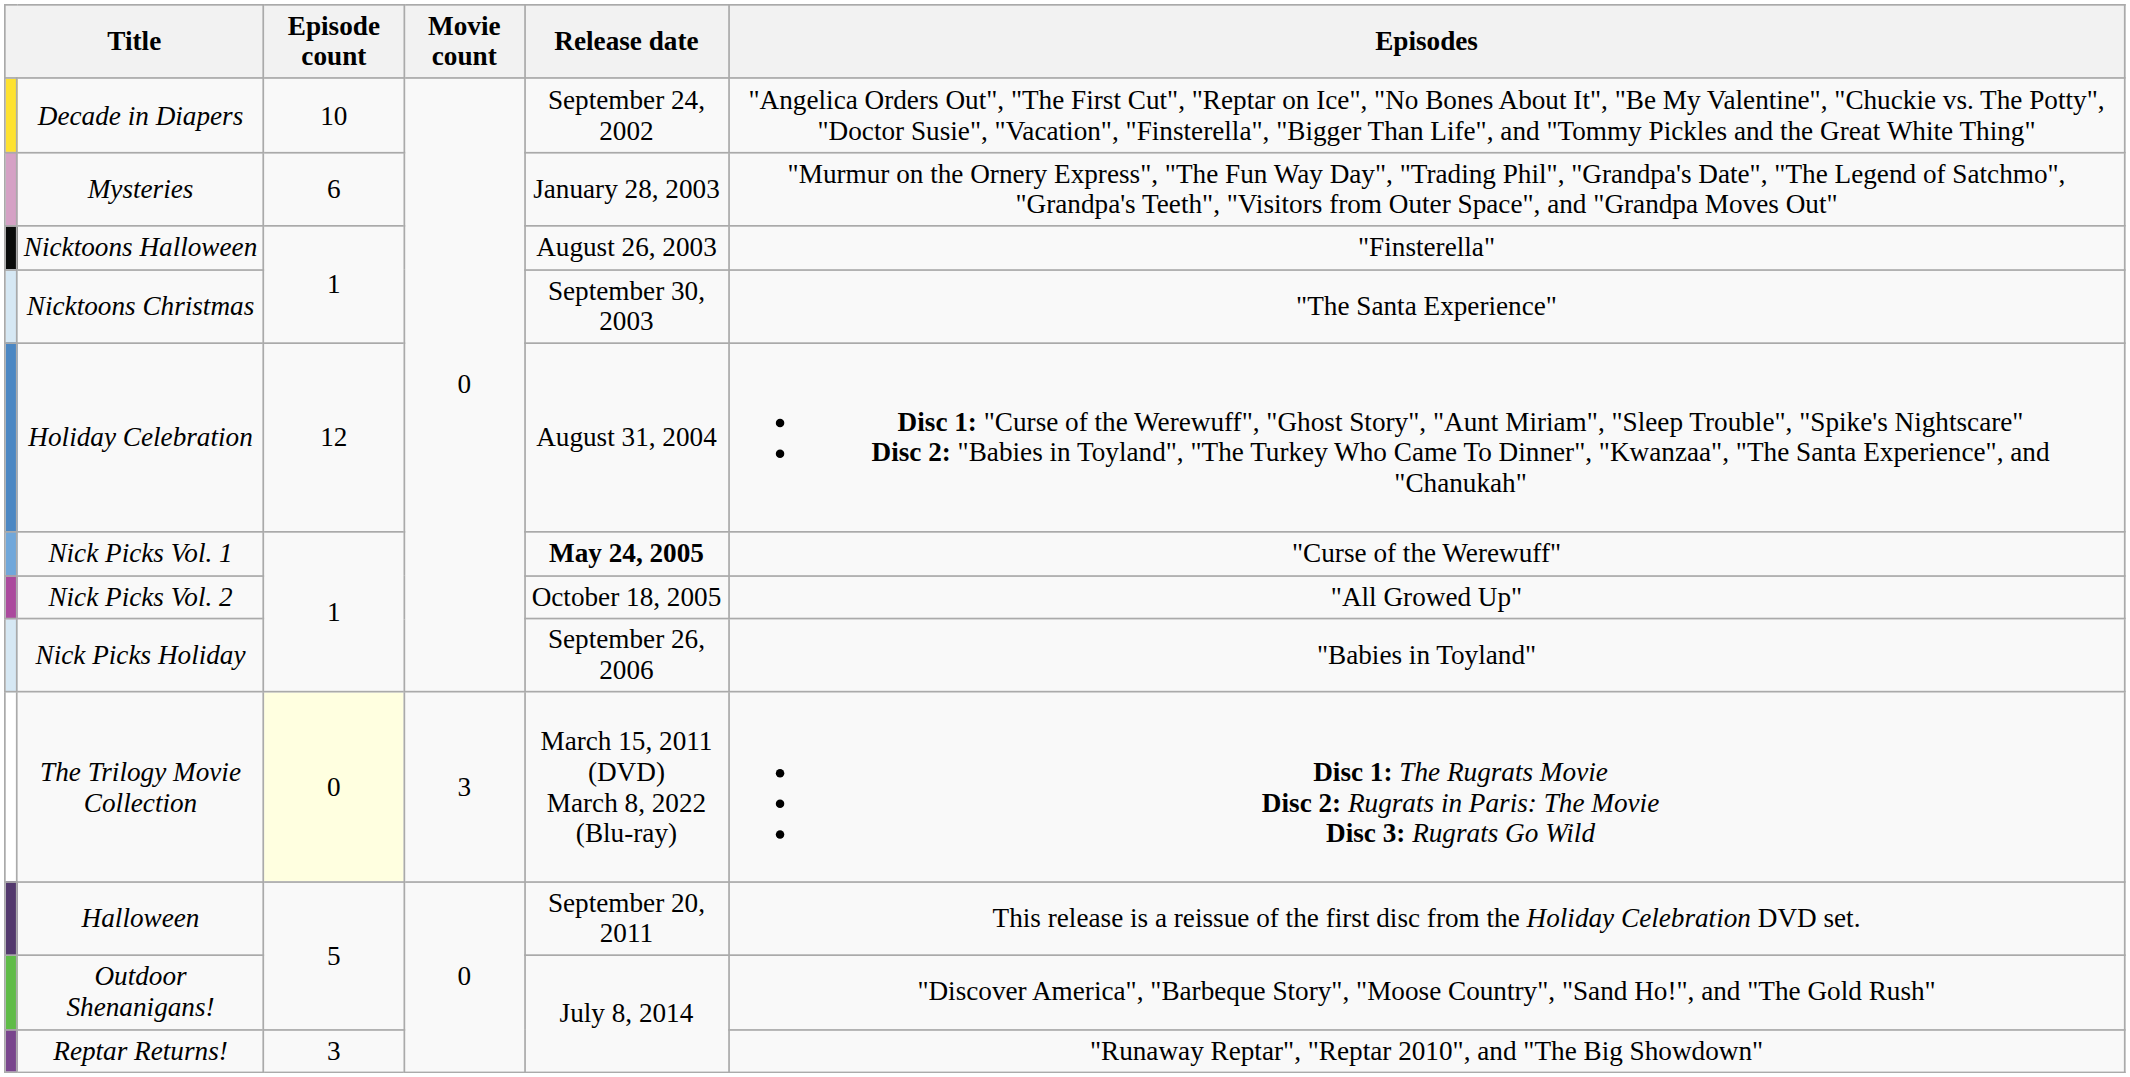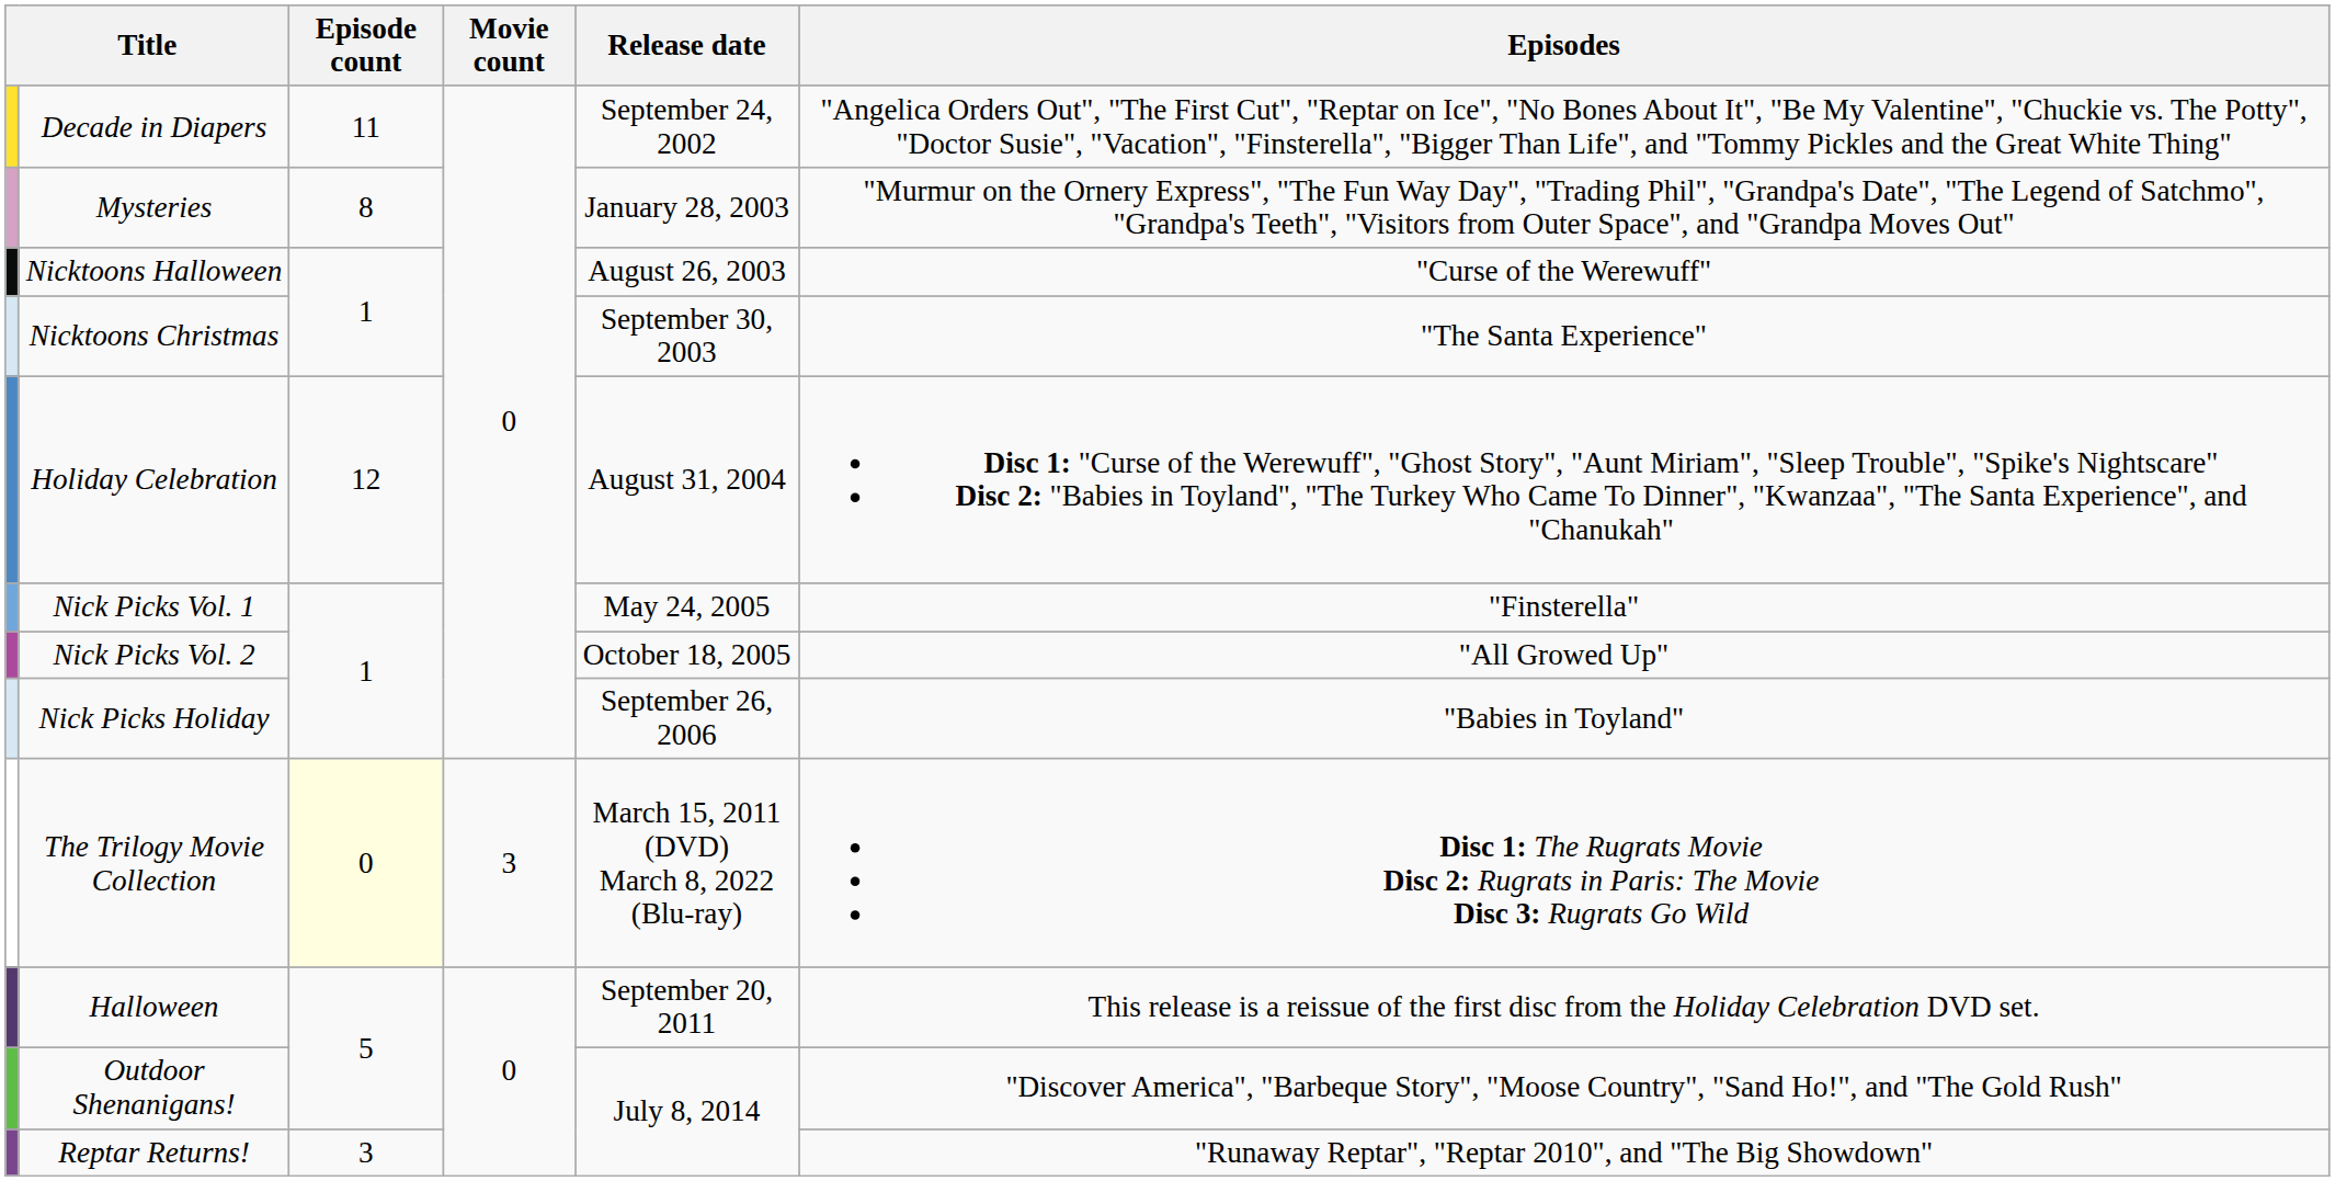 <table class="wikitable" style="text-align: center;">
 <tr>
 <th colspan=2>Title</th>
 <th>Episode count</th>
 <th>Movie count</th>
 <th>Release date</th>
 <th>Episodes</th>
 </tr>
 <tr>
 <td style="background:#fee22f"></td>
 <td><em>Decade in Diapers</em></td>
-<td>10</td>
+<td>11</td>
 <td rowspan=8>0</td>
 <td>September 24, 2002</td>
 <td>"Angelica Orders Out", "The First Cut", "Reptar on Ice", "No Bones About It", "Be My Valentine", "Chuckie vs. The Potty", "Doctor Susie", "Vacation", "Finsterella", "Bigger Than Life", and "Tommy Pickles and the Great White Thing"</td>
 </tr>
 <tr>
 <td style="background:#d5a1c5"></td>
 <td><em>Mysteries</em></td>
-<td>6</td>
+<td>8</td>
 <td>January 28, 2003</td>
 <td>"Murmur on the Ornery Express", "The Fun Way Day", "Trading Phil", "Grandpa's Date", "The Legend of Satchmo", "Grandpa's Teeth", "Visitors from Outer Space", and "Grandpa Moves Out"</td>
 </tr>
 <tr>
 <td style="background:#0a0c0b"></td>
 <td><em>Nicktoons Halloween</em></td>
 <td rowspan=2>1</td>
 <td>August 26, 2003</td>
-<td>"Finsterella"</td>
+<td>"Curse of the Werewuff"</td>
 </tr>
 <tr>
 <td style="background:#d6e8f4"></td>
 <td><em>Nicktoons Christmas</em></td>
 <td>September 30, 2003</td>
 <td>"The Santa Experience"</td>
 </tr>
 <tr>
 <td style="background:#4b87c3"></td>
 <td><em>Holiday Celebration</em></td>
 <td>12</td>
 <td>August 31, 2004</td>
 <td><br><ul><li><strong>Disc 1:</strong> "Curse of the Werewuff", "Ghost Story", "Aunt Miriam", "Sleep Trouble", "Spike's Nightscare"</li><li><strong>Disc 2:</strong> "Babies in Toyland", "The Turkey Who Came To Dinner", "Kwanzaa", "The Santa Experience", and "Chanukah"</li></ul></td>
 </tr>
 <tr>
 <td style="background:#70a7da"></td>
 <td><em>Nick Picks Vol. 1</em></td>
 <td rowspan=3>1</td>
-<td><strong>May 24, 2005</strong></td>
-<td>"Curse of the Werewuff"</td>
+<td>May 24, 2005</td>
+<td>"Finsterella"</td>
 </tr>
 <tr>
 <td style="background:#ab499d"></td>
 <td><em>Nick Picks Vol. 2</em></td>
 <td>October 18, 2005</td>
 <td>"All Growed Up"</td>
 </tr>
 <tr>
 <td style="background:#d6e8f4"></td>
 <td><em>Nick Picks Holiday</em></td>
 <td>September 26, 2006</td>
 <td>"Babies in Toyland"</td>
 </tr>
 <tr>
 <td style="background:#ffffff"></td>
 <td><em>The Trilogy Movie Collection</em></td>
 <td style="background: lightyellow;">0</td>
 <td>3</td>
 <td>March 15, 2011 (DVD)<br>March 8, 2022 (Blu-ray)</td>
 <td><br><ul><li><strong>Disc 1:</strong> <em>The Rugrats Movie</em></li><li><strong>Disc 2:</strong> <em>Rugrats in Paris: The Movie</em></li><li><strong>Disc 3:</strong> <em>Rugrats Go Wild</em></li></ul></td>
 </tr>
 <tr>
 <td style="background:#53386d"></td>
 <td><em>Halloween</em></td>
 <td rowspan=2>5</td>
 <td rowspan=3>0</td>
 <td>September 20, 2011</td>
 <td>This release is a reissue of the first disc from the <em>Holiday Celebration</em> DVD set.</td>
 </tr>
 <tr>
 <td style="background:#5fbc47"></td>
 <td><em>Outdoor Shenanigans!</em></td>
 <td rowspan=2>July 8, 2014</td>
 <td>"Discover America", "Barbeque Story", "Moose Country", "Sand Ho!", and "The Gold Rush"</td>
 </tr>
 <tr>
 <td style="background:#79458d"></td>
 <td><em>Reptar Returns!</em></td>
 <td>3</td>
 <td>"Runaway Reptar", "Reptar 2010", and "The Big Showdown"</td>
 </tr>
 </table>
